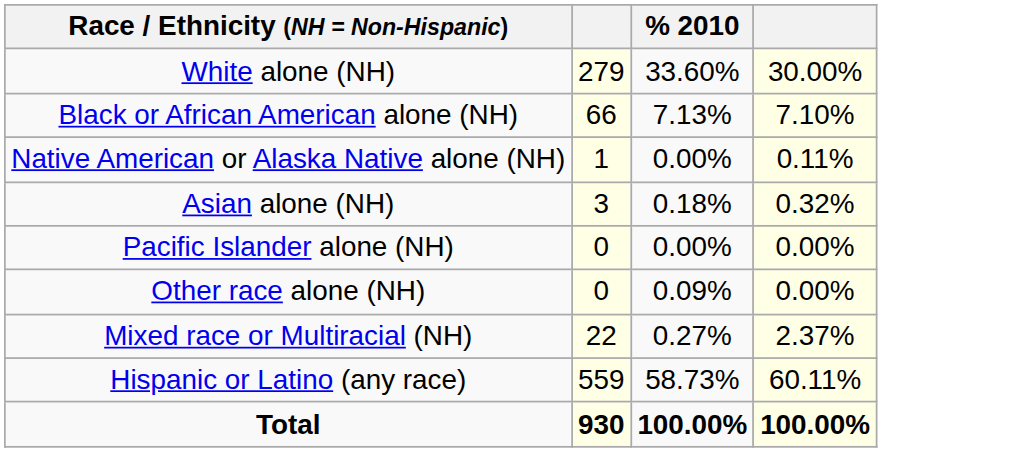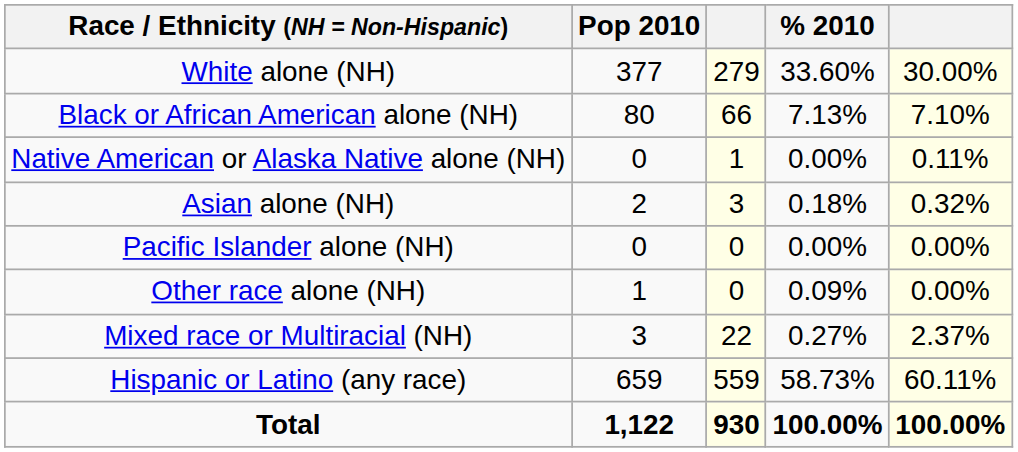 <table class="wikitable" style="text-align:center;">
 <tr>
 <th>Race / Ethnicity <small>(<em>NH = Non-Hispanic</em>)</small></th>
+<th>Pop 2010</th>
 <th></th>
 <th>% 2010</th>
 <th></th>
 </tr>
 <tr>
 <td><a href='#'>White</a> alone (NH)</td>
+<td>377</td>
 <td style='background: #ffffe6;'>279</td>
 <td>33.60%</td>
 <td style='background: #ffffe6;'>30.00%</td>
 </tr>
 <tr>
 <td><a href='#'>Black or African American</a> alone (NH)</td>
+<td>80</td>
 <td style='background: #ffffe6;'>66</td>
 <td>7.13%</td>
 <td style='background: #ffffe6;'>7.10%</td>
 </tr>
 <tr>
 <td><a href='#'>Native American</a> or <a href='#'>Alaska Native</a> alone (NH)</td>
+<td>0</td>
 <td style='background: #ffffe6;'>1</td>
 <td>0.00%</td>
 <td style='background: #ffffe6;'>0.11%</td>
 </tr>
 <tr>
 <td><a href='#'>Asian</a> alone (NH)</td>
+<td>2</td>
 <td style='background: #ffffe6;'>3</td>
 <td>0.18%</td>
 <td style='background: #ffffe6;'>0.32%</td>
 </tr>
 <tr>
 <td><a href='#'>Pacific Islander</a> alone (NH)</td>
+<td>0</td>
 <td style='background: #ffffe6;'>0</td>
 <td>0.00%</td>
 <td style='background: #ffffe6;'>0.00%</td>
 </tr>
 <tr>
 <td><a href='#'>Other race</a> alone (NH)</td>
+<td>1</td>
 <td style='background: #ffffe6;'>0</td>
 <td>0.09%</td>
 <td style='background: #ffffe6;'>0.00%</td>
 </tr>
 <tr>
 <td><a href='#'>Mixed race or Multiracial</a> (NH)</td>
+<td>3</td>
 <td style='background: #ffffe6;'>22</td>
 <td>0.27%</td>
 <td style='background: #ffffe6;'>2.37%</td>
 </tr>
 <tr>
 <td><a href='#'>Hispanic or Latino</a> (any race)</td>
+<td>659</td>
 <td style='background: #ffffe6;'>559</td>
 <td>58.73%</td>
 <td style='background: #ffffe6;'>60.11%</td>
 </tr>
 <tr>
 <td><strong>Total</strong></td>
+<td><strong>1,122</strong></td>
 <td style='background: #ffffe6;'><strong>930</strong></td>
 <td><strong>100.00%</strong></td>
 <td style='background: #ffffe6;'><strong>100.00%</strong></td>
 </tr>
 </table>
